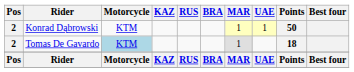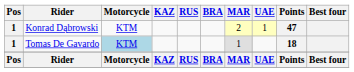 <table class="wikitable" style="font-size: 85%; text-align: center; display: inline-table;">
 <tr valign="top">
 <th valign="middle">Pos</th>
 <th valign="middle">Rider</th>
 <th valign="middle">Motorcycle</th>
 <th><a href='#'>KAZ</a><br></th>
 <th><a href='#'>RUS</a><br></th>
 <th><a href='#'>BRA</a><br></th>
 <th><a href='#'>MAR</a><br></th>
 <th><a href='#'>UAE</a><br></th>
 <th valign="middle">Points</th>
 <th valign="middle">Best four</th>
 </tr>
 <tr>
-<th>2</th>
+<th>1</th>
 <td align=left> <a href='#'>Konrad Dąbrowski</a></td>
 <td><a href='#'>KTM</a></td>
 <td></td>
 <td></td>
 <td></td>
+<td style="background:#ffffbf;">2</td>
 <td style="background:#ffffbf;">1</td>
-<td style="background:#ffffbf;">1</td>
-<th>50</th>
+<th>47</th>
 <th></th>
 </tr>
 <tr>
-<th>2</th>
+<th>1</th>
 <td align=left> <a href='#'>Tomas De Gavardo</a></td>
 <td style="background: lightblue;"><a href='#'>KTM</a></td>
 <td></td>
 <td></td>
 <td></td>
 <td style="background:#dfdfdf;">1</td>
 <td></td>
 <th>18</th>
 <th></th>
 </tr>
 <tr>
 </tr>
 <tr valign="top">
 <th valign="middle">Pos</th>
 <th valign="middle">Rider</th>
 <th valign="middle">Motorcycle</th>
 <th><a href='#'>KAZ</a><br></th>
 <th><a href='#'>RUS</a><br></th>
 <th><a href='#'>BRA</a><br></th>
 <th><a href='#'>MAR</a><br></th>
 <th><a href='#'>UAE</a><br></th>
 <th valign="middle">Points</th>
 <th valign="middle">Best four</th>
 </tr>
 <tr>
 </tr>
 </table>
